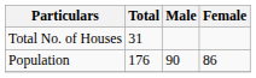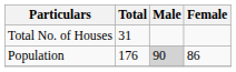 <table class="wikitable sortable">
 <tr>
 <th>Particulars</th>
 <th>Total</th>
 <th>Male</th>
 <th>Female</th>
 </tr>
 <tr>
 <td>Total No. of Houses</td>
 <td>31</td>
 <td></td>
 <td></td>
 </tr>
 <tr>
 <td>Population</td>
 <td>176</td>
-<td>90</td>
+<td style="background: lightgrey;">90</td>
 <td>86</td>
 </tr>
 <tr>
 </tr>
 </table>
